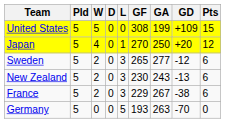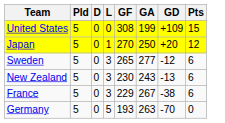 <table class="wikitable" border="1">
 <tr>
 <th>Team</th>
 <th>Pld</th>
-<th>W</th>
 <th>D</th>
 <th>L</th>
 <th>GF</th>
 <th>GA</th>
 <th>GD</th>
 <th>Pts</th>
 </tr>
 <tr style="background:#ffff00">
 <td> <a href='#'>United States</a></td>
-<td>5</td>
 <td>5</td>
 <td>0</td>
 <td>0</td>
 <td>308</td>
 <td>199</td>
 <td>+109</td>
 <td>15</td>
 </tr>
 <tr style="background:#ffff00">
 <td> <a href='#'>Japan</a></td>
 <td>5</td>
-<td>4</td>
 <td>0</td>
 <td>1</td>
 <td>270</td>
 <td>250</td>
 <td>+20</td>
 <td>12</td>
 </tr>
 <tr>
 <td> <a href='#'>Sweden</a></td>
 <td>5</td>
-<td>2</td>
 <td>0</td>
 <td>3</td>
 <td>265</td>
 <td>277</td>
 <td>-12</td>
 <td>6</td>
 </tr>
 <tr>
 <td> <a href='#'>New Zealand</a></td>
 <td>5</td>
-<td>2</td>
 <td>0</td>
 <td>3</td>
 <td>230</td>
 <td>243</td>
 <td>-13</td>
 <td>6</td>
 </tr>
 <tr>
 <td> <a href='#'>France</a></td>
 <td>5</td>
-<td>2</td>
 <td>0</td>
 <td>3</td>
 <td>229</td>
 <td>267</td>
 <td>-38</td>
 <td>6</td>
 </tr>
 <tr>
 <td> <a href='#'>Germany</a></td>
 <td>5</td>
 <td>0</td>
-<td>0</td>
 <td>5</td>
 <td>193</td>
 <td>263</td>
 <td>-70</td>
 <td>0</td>
 </tr>
 </table>
